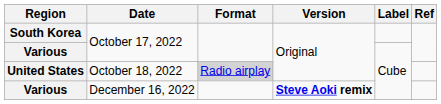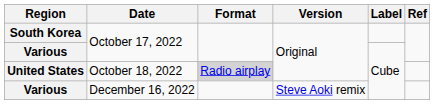 <table class="wikitable plainrowheaders">
 <tr>
 <th scope="col">Region</th>
 <th scope="col">Date</th>
 <th scope="col">Format</th>
 <th scope="col">Version</th>
 <th scope="col">Label</th>
 <th scope="col">Ref</th>
 </tr>
 <tr>
 <th scope="row">South Korea</th>
 <td rowspan="2">October 17, 2022</td>
 <td rowspan="2"></td>
 <td rowspan="3">Original</td>
 <td></td>
 <td rowspan="2" style="text-align:center;"></td>
 </tr>
 <tr>
 <th scope="row">Various</th>
 <td rowspan="3">Cube</td>
 </tr>
 <tr>
 <th scope="row">United States</th>
 <td>October 18, 2022</td>
 <td style="background: lightgrey;"><a href='#'>Radio airplay</a></td>
 <td style="text-align:center;"></td>
 </tr>
 <tr>
 <th scope="row">Various</th>
 <td>December 16, 2022</td>
 <td></td>
-<td><strong><a href='#'>Steve Aoki</a> remix</strong></td>
+<td><a href='#'>Steve Aoki</a> remix</td>
 <td style="text-align:center;"></td>
 </tr>
 </table>
